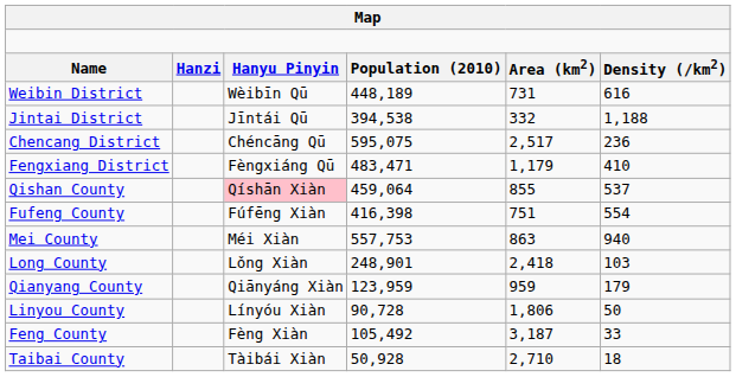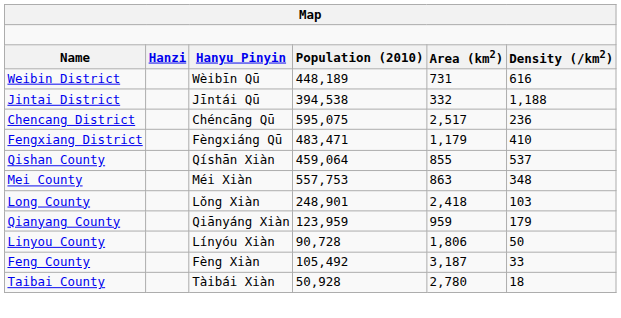 <table class="wikitable"  style="font-size:100%;" align=center>
 <tr>
 <th colspan="6" align="center">Map</th>
 </tr>
 <tr>
 <td colspan="6"><div><br>               </div></td>
 </tr>
 <tr>
 <th>Name</th>
 <th><a href='#'>Hanzi</a></th>
 <th><a href='#'>Hanyu Pinyin</a></th>
 <th>Population (2010)</th>
 <th>Area (km<sup>2</sup>)</th>
 <th>Density (/km<sup>2</sup>)</th>
 </tr>
 <tr>
 <td><a href='#'>Weibin District</a></td>
 <td></td>
 <td>Wèibīn Qū</td>
 <td>448,189</td>
 <td>731</td>
 <td>616</td>
 </tr>
 <tr>
 <td><a href='#'>Jintai District</a></td>
 <td></td>
 <td>Jīntái Qū</td>
 <td>394,538</td>
 <td>332</td>
 <td>1,188</td>
 </tr>
 <tr>
 <td><a href='#'>Chencang District</a></td>
 <td></td>
 <td>Chéncāng Qū</td>
 <td>595,075</td>
 <td>2,517</td>
 <td>236</td>
 </tr>
 <tr>
 <td><a href='#'>Fengxiang District</a></td>
 <td></td>
 <td>Fèngxiáng Qū</td>
 <td>483,471</td>
 <td>1,179</td>
 <td>410</td>
 </tr>
 <tr>
 <td><a href='#'>Qishan County</a></td>
 <td></td>
-<td style="background: pink;">Qíshān Xiàn</td>
+<td>Qíshān Xiàn</td>
 <td>459,064</td>
 <td>855</td>
 <td>537</td>
-</tr>
-<tr>
-<td><a href='#'>Fufeng County</a></td>
-<td></td>
-<td>Fúfēng Xiàn</td>
-<td>416,398</td>
-<td>751</td>
-<td>554</td>
 </tr>
 <tr>
 <td><a href='#'>Mei County</a></td>
 <td></td>
 <td>Méi Xiàn</td>
 <td>557,753</td>
 <td>863</td>
-<td>940</td>
+<td>348</td>
 </tr>
 <tr>
 <td><a href='#'>Long County</a></td>
 <td></td>
 <td>Lǒng Xiàn</td>
 <td>248,901</td>
 <td>2,418</td>
 <td>103</td>
 </tr>
 <tr>
 <td><a href='#'>Qianyang County</a></td>
 <td></td>
 <td>Qiānyáng Xiàn</td>
 <td>123,959</td>
 <td>959</td>
 <td>179</td>
 </tr>
 <tr>
 <td><a href='#'>Linyou County</a></td>
 <td></td>
 <td>Línyóu Xiàn</td>
 <td>90,728</td>
 <td>1,806</td>
 <td>50</td>
 </tr>
 <tr>
 <td><a href='#'>Feng County</a></td>
 <td></td>
 <td>Fèng Xiàn</td>
 <td>105,492</td>
 <td>3,187</td>
 <td>33</td>
 </tr>
 <tr>
 <td><a href='#'>Taibai County</a></td>
 <td></td>
 <td>Tàibái Xiàn</td>
 <td>50,928</td>
-<td>2,710</td>
+<td>2,780</td>
 <td>18</td>
 </tr>
 </table>
